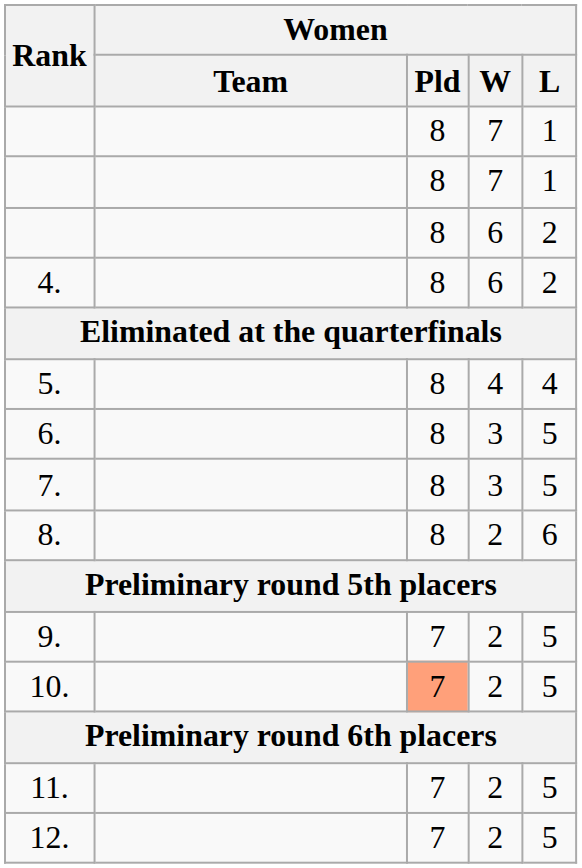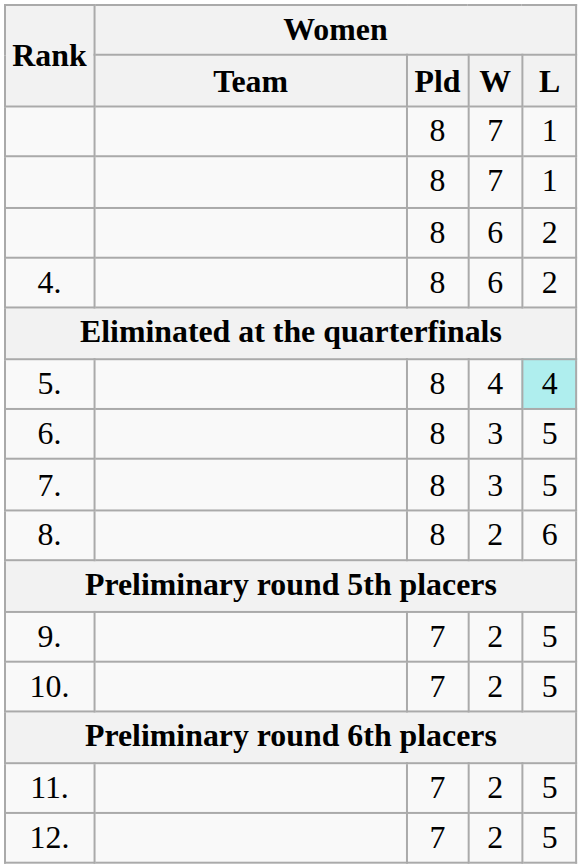 <table class=wikitable>
 <tr>
 <th rowspan=2>Rank</th>
 <th colspan=4>Women</th>
 </tr>
 <tr>
 <th width=150px>Team</th>
 <th width=20px>Pld</th>
 <th width=20px>W</th>
 <th width=20px>L</th>
 </tr>
 <tr align=center>
 <td></td>
 <td align=left></td>
 <td>8</td>
 <td>7</td>
 <td>1</td>
 </tr>
 <tr align=center>
 <td></td>
 <td align=left></td>
 <td>8</td>
 <td>7</td>
 <td>1</td>
 </tr>
 <tr align=center>
 <td></td>
 <td align=left></td>
 <td>8</td>
 <td>6</td>
 <td>2</td>
 </tr>
 <tr align=center>
 <td>4.</td>
 <td align=left></td>
 <td>8</td>
 <td>6</td>
 <td>2</td>
 </tr>
 <tr>
 <th colspan=9>Eliminated at the quarterfinals</th>
 </tr>
 <tr align=center>
 <td>5.</td>
 <td align=left></td>
 <td>8</td>
 <td>4</td>
-<td>4</td>
+<td style="background: paleturquoise;">4</td>
 </tr>
 <tr align=center>
 <td>6.</td>
 <td align=left></td>
 <td>8</td>
 <td>3</td>
 <td>5</td>
 </tr>
 <tr align=center>
 <td>7.</td>
 <td align=left></td>
 <td>8</td>
 <td>3</td>
 <td>5</td>
 </tr>
 <tr align=center>
 <td>8.</td>
 <td align=left></td>
 <td>8</td>
 <td>2</td>
 <td>6</td>
 </tr>
 <tr>
 <th colspan=9>Preliminary round 5th placers</th>
 </tr>
 <tr align=center>
 <td>9.</td>
 <td align=left></td>
 <td>7</td>
 <td>2</td>
 <td>5</td>
 </tr>
 <tr align=center>
 <td>10.</td>
 <td align=left></td>
-<td style="background: lightsalmon;">7</td>
+<td>7</td>
 <td>2</td>
 <td>5</td>
 </tr>
 <tr>
 <th colspan=9>Preliminary round 6th placers</th>
 </tr>
 <tr align=center>
 <td>11.</td>
 <td align=left></td>
 <td>7</td>
 <td>2</td>
 <td>5</td>
 </tr>
 <tr align=center>
 <td>12.</td>
 <td align=left></td>
 <td>7</td>
 <td>2</td>
 <td>5</td>
 </tr>
 </table>
